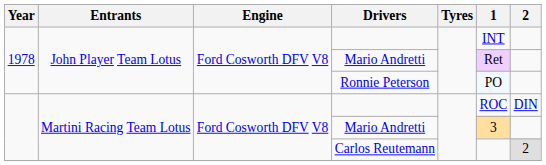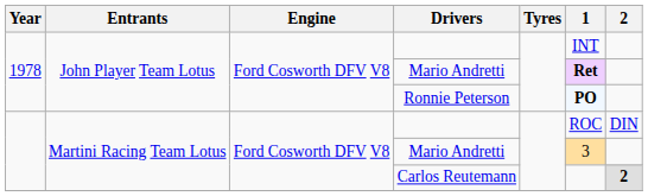 <table class="wikitable" style="text-align:center; font-size:90%">
 <tr>
 <th>Year</th>
 <th>Entrants</th>
 <th>Engine</th>
 <th>Drivers</th>
 <th>Tyres</th>
 <th>1</th>
 <th>2</th>
 </tr>
 <tr>
 <td rowspan="3"><a href='#'>1978</a></td>
 <td rowspan="3"><a href='#'>John Player</a> <a href='#'>Team Lotus</a></td>
 <td rowspan="3"><a href='#'>Ford Cosworth DFV</a> <a href='#'>V8</a></td>
 <td></td>
 <td rowspan="3"></td>
 <td><a href='#'>INT</a></td>
 <td></td>
 </tr>
 <tr>
 <td><a href='#'>Mario Andretti</a></td>
-<td style="background:#EFCFFF;">Ret</td>
+<td style="background:#EFCFFF;"><strong>Ret</strong></td>
 <td></td>
 </tr>
 <tr>
 <td><a href='#'>Ronnie Peterson</a></td>
-<td style="background:#F1F8FF;">PO</td>
+<td style="background:#F1F8FF;"><strong>PO</strong></td>
 <td></td>
 </tr>
 <tr>
 <td rowspan="3"></td>
 <td rowspan="3"><a href='#'>Martini Racing</a> <a href='#'>Team Lotus</a></td>
 <td rowspan="3"><a href='#'>Ford Cosworth DFV</a> <a href='#'>V8</a></td>
 <td></td>
 <td rowspan="3"></td>
 <td><a href='#'>ROC</a></td>
 <td><a href='#'>DIN</a></td>
 </tr>
 <tr>
 <td><a href='#'>Mario Andretti</a></td>
 <td style="background:#FFDF9F;">3</td>
 <td></td>
 </tr>
 <tr>
 <td><a href='#'>Carlos Reutemann</a></td>
 <td></td>
-<td style="background:#DFDFDF;">2</td>
+<td style="background:#DFDFDF;"><strong>2</strong></td>
 </tr>
 <tr>
 </tr>
 </table>
